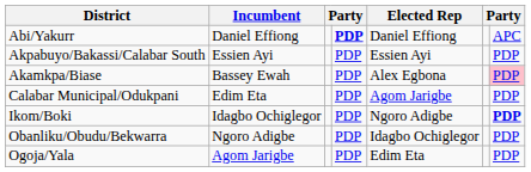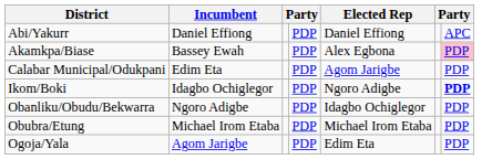 <table class="sortable wikitable" style="font-size:95%;line-height:14px;">
 <tr>
 <th class="unsortable">District</th>
 <th class="unsortable"><a href='#'>Incumbent</a></th>
 <th colspan="2">Party</th>
 <th class="unsortable">Elected Rep</th>
 <th colspan="2">Party</th>
 </tr>
 <tr>
 <td>Abi/Yakurr</td>
 <td>Daniel Effiong</td>
 <td style="background:"></td>
-<td><strong><a href='#'>PDP</a></strong></td>
+<td><a href='#'>PDP</a></td>
 <td>Daniel Effiong</td>
 <td style="background:"></td>
 <td><a href='#'>APC</a></td>
-</tr>
-<tr>
-<td>Akpabuyo/Bakassi/Calabar South</td>
-<td>Essien Ayi</td>
-<td style="background:"></td>
-<td><a href='#'>PDP</a></td>
-<td>Essien Ayi</td>
-<td style="background:"></td>
-<td><a href='#'>PDP</a></td>
 </tr>
 <tr>
 <td>Akamkpa/Biase</td>
 <td>Bassey Ewah</td>
 <td style="background:"></td>
 <td><a href='#'>PDP</a></td>
 <td>Alex Egbona</td>
 <td style="background:"></td>
 <td style="background: pink;"><a href='#'>PDP</a></td>
 </tr>
 <tr>
 <td>Calabar Municipal/Odukpani</td>
 <td>Edim Eta</td>
 <td style="background:"></td>
 <td><a href='#'>PDP</a></td>
 <td><a href='#'>Agom Jarigbe</a></td>
 <td style="background:"></td>
 <td><a href='#'>PDP</a></td>
 </tr>
 <tr>
 <td>Ikom/Boki</td>
 <td>Idagbo Ochiglegor</td>
 <td style="background:"></td>
 <td><a href='#'>PDP</a></td>
 <td>Ngoro Adigbe</td>
 <td style="background:"></td>
 <td><strong><a href='#'>PDP</a></strong></td>
 </tr>
 <tr>
 <td>Obanliku/Obudu/Bekwarra</td>
 <td>Ngoro Adigbe</td>
 <td style="background:"></td>
 <td><a href='#'>PDP</a></td>
 <td>Idagbo Ochiglegor</td>
 <td style="background:"></td>
 <td><a href='#'>PDP</a></td>
 </tr>
 <tr>
+<td>Obubra/Etung</td>
+<td>Michael Irom Etaba</td>
+<td style="background:"></td>
+<td><a href='#'>PDP</a></td>
+<td>Michael Irom Etaba</td>
+<td style="background:"></td>
+<td><a href='#'>PDP</a></td>
+</tr>
+<tr>
 <td>Ogoja/Yala</td>
 <td><a href='#'>Agom Jarigbe</a></td>
 <td style="background:"></td>
 <td><a href='#'>PDP</a></td>
 <td>Edim Eta</td>
 <td style="background:"></td>
 <td><a href='#'>PDP</a></td>
 </tr>
 </table>
